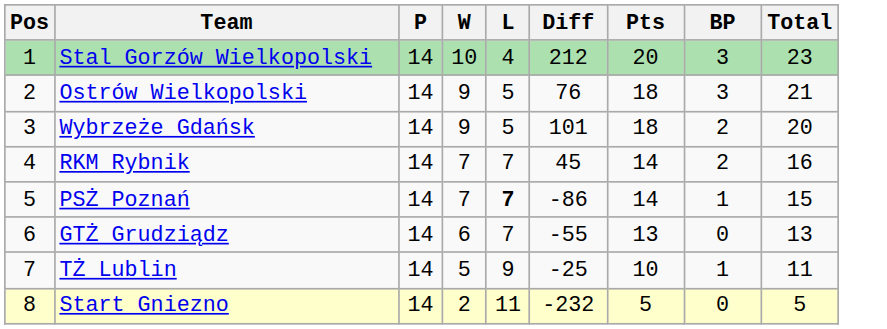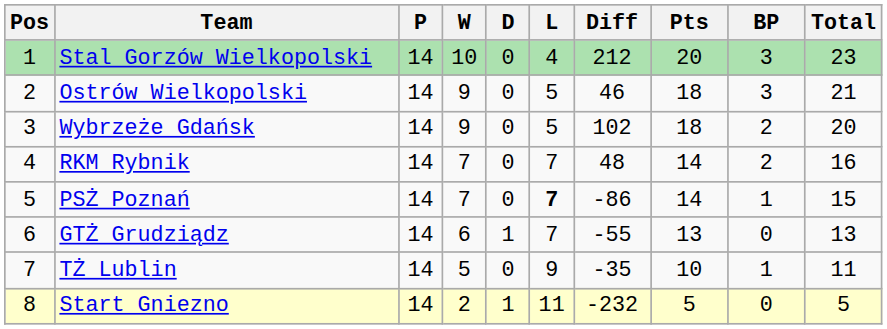 <table class="wikitable" style="font-size: 100%">
 <tr>
 <th width=20>Pos</th>
 <th width=200>Team</th>
 <th width=20>P</th>
 <th width=20>W</th>
+<th width=20>D</th>
 <th width=20>L</th>
 <th width=40>Diff</th>
 <th width=40>Pts</th>
 <th width=40>BP</th>
 <th width=40>Total</th>
 </tr>
 <tr align=center style="background:#ACE1AF;">
 <td>1</td>
 <td align="left"><a href='#'>Stal Gorzów Wielkopolski</a></td>
 <td>14</td>
 <td>10</td>
+<td>0</td>
 <td>4</td>
 <td>212</td>
 <td>20</td>
 <td>3</td>
 <td>23</td>
 </tr>
 <tr align=center>
 <td>2</td>
 <td align="left"><a href='#'>Ostrów Wielkopolski</a></td>
 <td>14</td>
 <td>9</td>
+<td>0</td>
 <td>5</td>
-<td>76</td>
+<td>46</td>
 <td>18</td>
 <td>3</td>
 <td>21</td>
 </tr>
 <tr align=center>
 <td>3</td>
 <td align="left"><a href='#'>Wybrzeże Gdańsk</a></td>
 <td>14</td>
 <td>9</td>
+<td>0</td>
 <td>5</td>
-<td>101</td>
+<td>102</td>
 <td>18</td>
 <td>2</td>
 <td>20</td>
 </tr>
 <tr align=center>
 <td>4</td>
 <td align="left"><a href='#'>RKM Rybnik</a></td>
 <td>14</td>
 <td>7</td>
+<td>0</td>
 <td>7</td>
-<td>45</td>
+<td>48</td>
 <td>14</td>
 <td>2</td>
 <td>16</td>
 </tr>
 <tr align=center>
 <td>5</td>
 <td align="left"><a href='#'>PSŻ Poznań</a></td>
 <td>14</td>
 <td>7</td>
+<td>0</td>
 <td><strong>7</strong></td>
 <td>-86</td>
 <td>14</td>
 <td>1</td>
 <td>15</td>
 </tr>
 <tr align=center>
 <td>6</td>
 <td align="left"><a href='#'>GTŻ Grudziądz</a></td>
 <td>14</td>
 <td>6</td>
+<td>1</td>
 <td>7</td>
 <td>-55</td>
 <td>13</td>
 <td>0</td>
 <td>13</td>
 </tr>
 <tr align=center>
 <td>7</td>
 <td align="left"><a href='#'>TŻ Lublin</a></td>
 <td>14</td>
 <td>5</td>
+<td>0</td>
 <td>9</td>
-<td>-25</td>
+<td>-35</td>
 <td>10</td>
 <td>1</td>
 <td>11</td>
 </tr>
 <tr align=center style="background: #ffffcc;">
 <td>8</td>
 <td align="left"><a href='#'>Start Gniezno</a></td>
 <td>14</td>
 <td>2</td>
+<td>1</td>
 <td>11</td>
 <td>-232</td>
 <td>5</td>
 <td>0</td>
 <td>5</td>
 </tr>
 </table>
